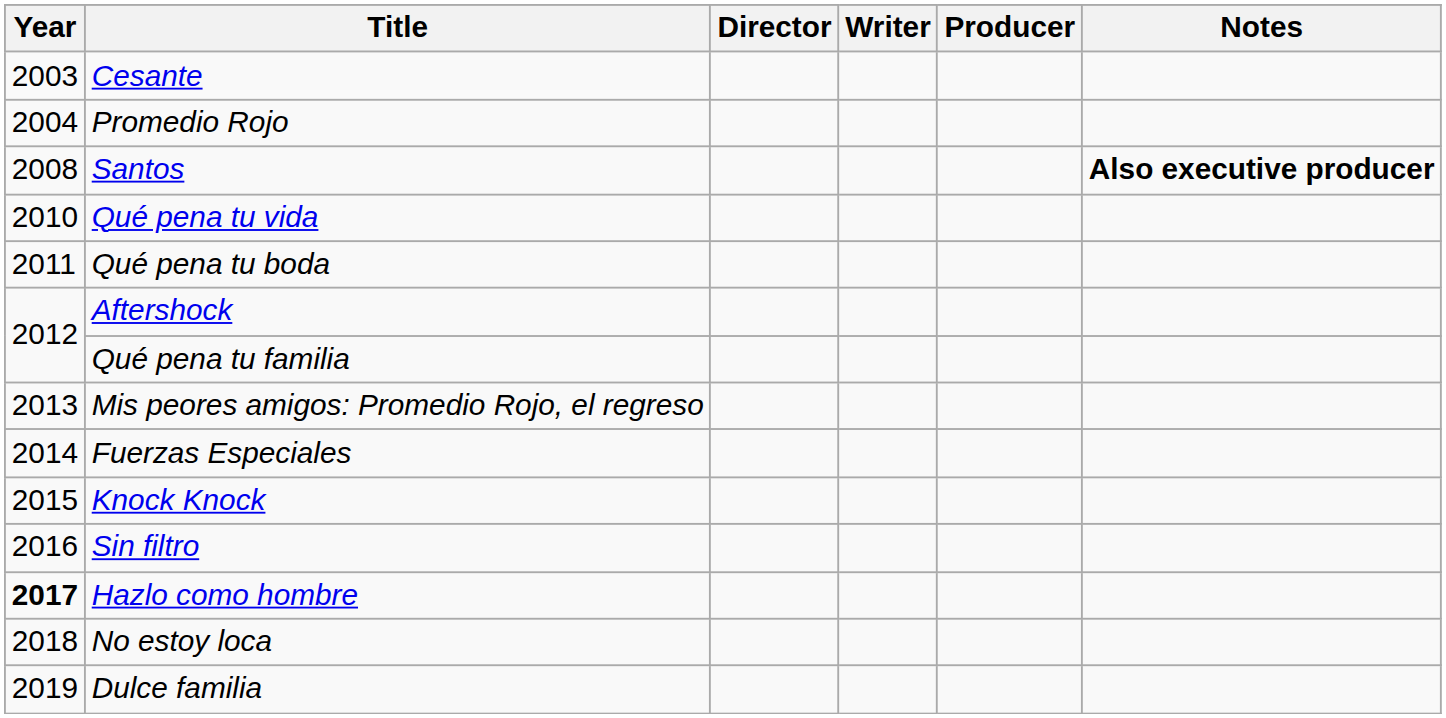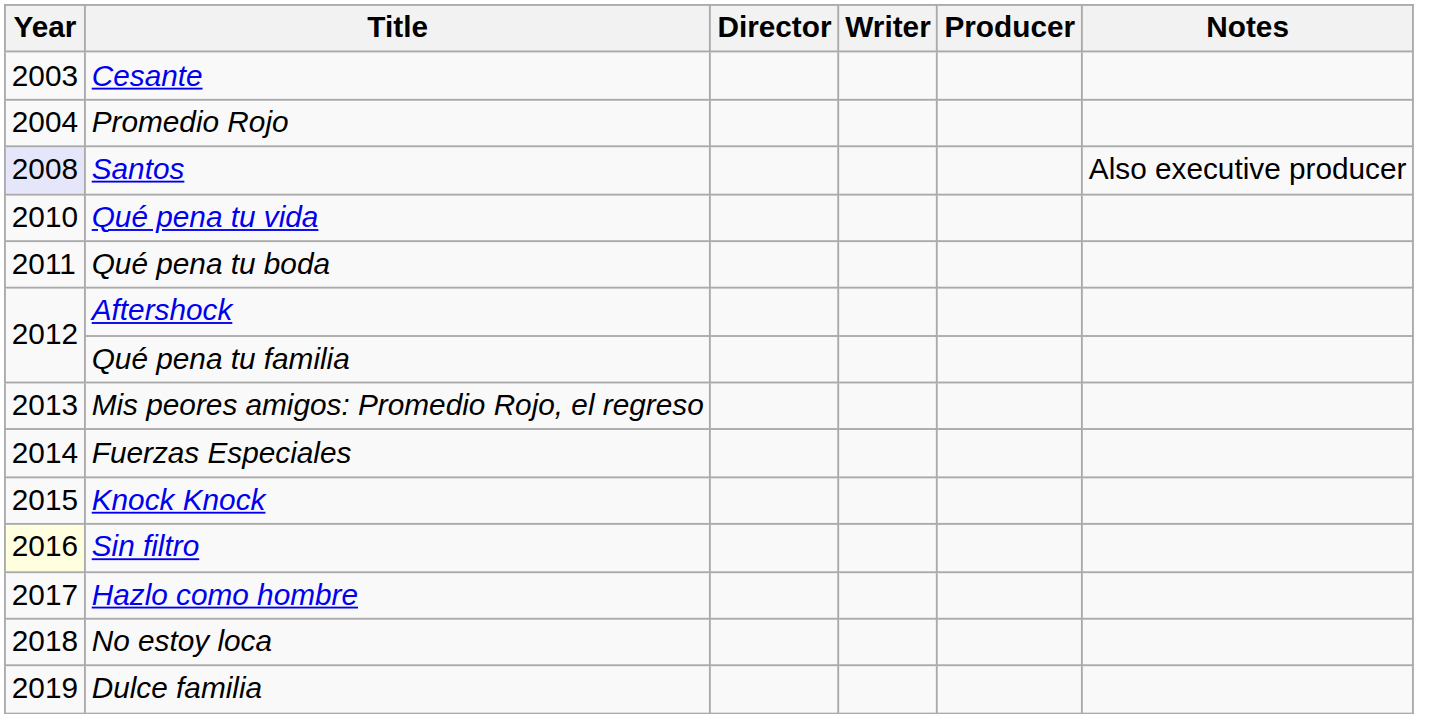 <table class="wikitable sortable">
 <tr>
 <th style="width:26px;">Year</th>
 <th>Title</th>
 <th>Director</th>
 <th>Writer</th>
 <th>Producer</th>
 <th>Notes</th>
 </tr>
 <tr>
 <td>2003</td>
 <td><em><a href='#'>Cesante</a></em></td>
 <td></td>
 <td></td>
 <td></td>
 <td></td>
 </tr>
 <tr>
 <td>2004</td>
 <td><em>Promedio Rojo</em></td>
 <td></td>
 <td></td>
 <td></td>
 <td></td>
 </tr>
 <tr>
-<td>2008</td>
+<td style="background: lavender;">2008</td>
 <td><em><a href='#'>Santos</a></em></td>
 <td></td>
 <td></td>
 <td></td>
-<td><strong>Also executive producer</strong></td>
+<td>Also executive producer</td>
 </tr>
 <tr>
 <td>2010</td>
 <td><em><a href='#'>Qué pena tu vida</a></em></td>
 <td></td>
 <td></td>
 <td></td>
 <td></td>
 </tr>
 <tr>
 <td>2011</td>
 <td><em>Qué pena tu boda</em></td>
 <td></td>
 <td></td>
 <td></td>
 <td></td>
 </tr>
 <tr>
 <td rowspan="2">2012</td>
 <td><em><a href='#'>Aftershock</a></em></td>
 <td></td>
 <td></td>
 <td></td>
 <td></td>
 </tr>
 <tr>
 <td><em>Qué pena tu familia</em></td>
 <td></td>
 <td></td>
 <td></td>
 <td></td>
 </tr>
 <tr>
 <td>2013</td>
 <td><em>Mis peores amigos: Promedio Rojo, el regreso</em></td>
 <td></td>
 <td></td>
 <td></td>
 <td></td>
 </tr>
 <tr>
 <td>2014</td>
 <td><em>Fuerzas Especiales</em></td>
 <td></td>
 <td></td>
 <td></td>
 <td></td>
 </tr>
 <tr>
 <td>2015</td>
 <td><em><a href='#'>Knock Knock</a></em></td>
 <td></td>
 <td></td>
 <td></td>
 <td></td>
 </tr>
 <tr>
-<td>2016</td>
+<td style="background: lightyellow;">2016</td>
 <td><em><a href='#'>Sin filtro</a></em></td>
 <td></td>
 <td></td>
 <td></td>
 <td></td>
 </tr>
 <tr>
-<td><strong>2017</strong></td>
+<td>2017</td>
 <td><em><a href='#'> Hazlo como hombre</a></em></td>
 <td></td>
 <td></td>
 <td></td>
 <td></td>
 </tr>
 <tr>
 <td>2018</td>
 <td><em>No estoy loca</em></td>
 <td></td>
 <td></td>
 <td></td>
 <td></td>
 </tr>
 <tr>
 <td>2019</td>
 <td><em>Dulce familia</em></td>
 <td></td>
 <td></td>
 <td></td>
 <td></td>
 </tr>
 </table>
